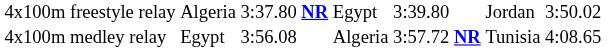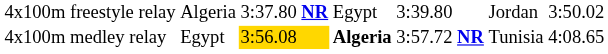 <table>
 <tr>
 <td>4x100m freestyle relay</td>
 <td> Algeria <br> </td>
 <td>3:37.80 <strong><a href='#'>NR</a></strong></td>
 <td> Egypt <br> </td>
 <td>3:39.80</td>
 <td> Jordan <br> </td>
 <td>3:50.02</td>
 </tr>
 <tr>
 <td>4x100m medley relay</td>
 <td> Egypt <br> </td>
-<td>3:56.08</td>
-<td> Algeria <br> </td>
+<td style="background: gold;">3:56.08</td>
+<td><strong> Algeria <br> </strong></td>
 <td>3:57.72 <strong><a href='#'>NR</a></strong></td>
 <td> Tunisia <br> </td>
 <td>4:08.65</td>
 </tr>
 <tr>
 </tr>
 </table>
